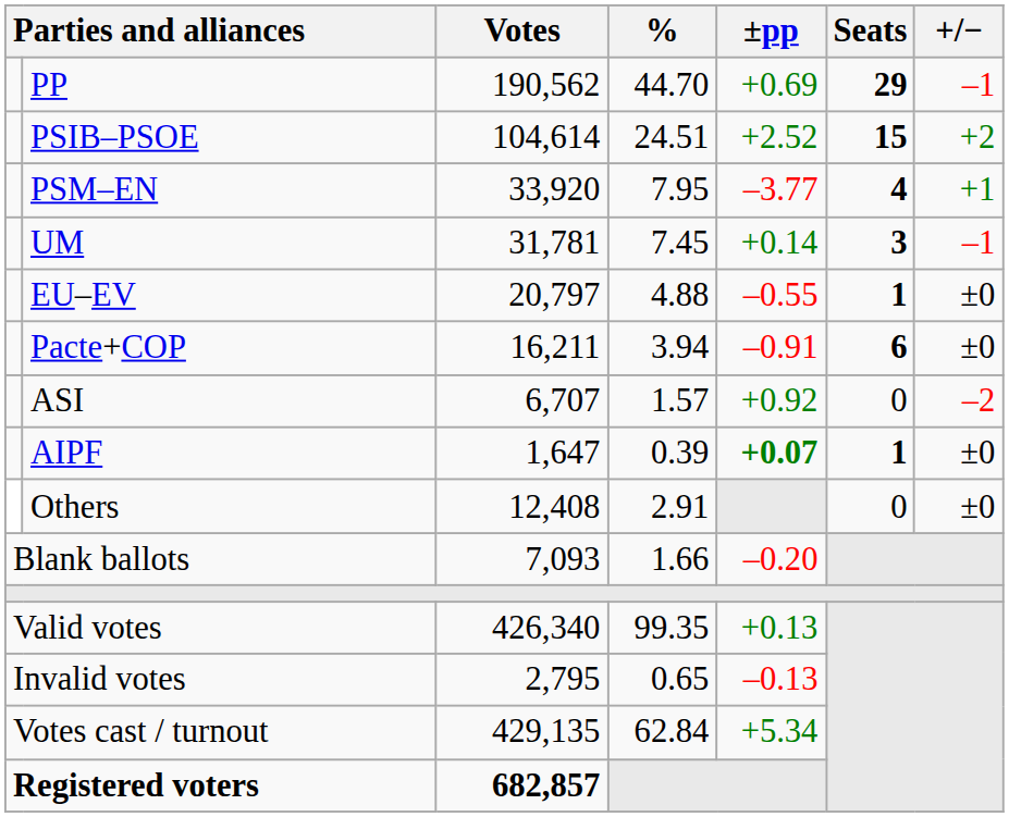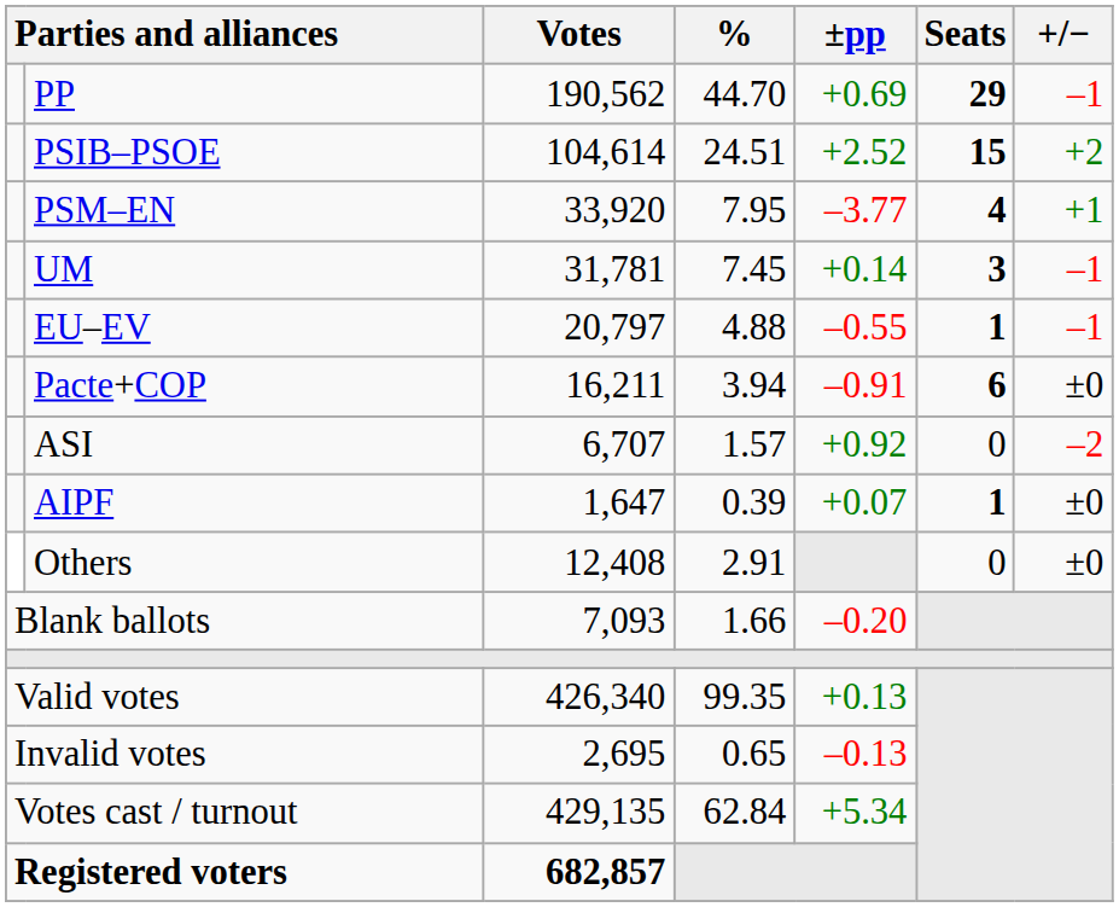 <table class="wikitable" style="text-align:right;">
 <tr>
 <th style="text-align:left;" colspan="2" width="200">Parties and alliances</th>
 <th width="75">Votes</th>
 <th width="45">%</th>
 <th width="45">±<a href='#'>pp</a></th>
 <th width="35">Seats</th>
 <th width="35">+/−</th>
 </tr>
 <tr>
 <td width="1" style="color:inherit;background:"></td>
 <td align="left"><a href='#'>PP</a></td>
 <td>190,562</td>
 <td>44.70</td>
 <td style="color:green;">+0.69</td>
 <td><strong>29</strong></td>
 <td style="color:red;">–1</td>
 </tr>
 <tr>
 <td style="color:inherit;background:"></td>
 <td align="left"><a href='#'>PSIB–PSOE</a></td>
 <td>104,614</td>
 <td>24.51</td>
 <td style="color:green;">+2.52</td>
 <td><strong>15</strong></td>
 <td style="color:green;">+2</td>
 </tr>
 <tr>
 <td style="color:inherit;background:"></td>
 <td align="left"><a href='#'>PSM–EN</a></td>
 <td>33,920</td>
 <td>7.95</td>
 <td style="color:red;">–3.77</td>
 <td><strong>4</strong></td>
 <td style="color:green;">+1</td>
 </tr>
 <tr>
 <td style="color:inherit;background:"></td>
 <td align="left"><a href='#'>UM</a></td>
 <td>31,781</td>
 <td>7.45</td>
 <td style="color:green;">+0.14</td>
 <td><strong>3</strong></td>
 <td style="color:red;">–1</td>
 </tr>
 <tr>
 <td style="color:inherit;background:"></td>
 <td align="left"><a href='#'>EU</a>–<a href='#'>EV</a></td>
 <td>20,797</td>
 <td>4.88</td>
 <td style="color:red;">–0.55</td>
 <td><strong>1</strong></td>
-<td>±0</td>
+<td style="color:red;">–1</td>
 </tr>
 <tr>
 <td style="color:inherit;background:"></td>
 <td align="left"><a href='#'>Pacte</a>+<a href='#'>COP</a></td>
 <td>16,211</td>
 <td>3.94</td>
 <td style="color:red;">–0.91</td>
 <td><strong>6</strong></td>
 <td>±0</td>
 </tr>
 <tr>
 <td style="color:inherit;background:"></td>
 <td align="left">ASI</td>
 <td>6,707</td>
 <td>1.57</td>
 <td style="color:green;">+0.92</td>
 <td>0</td>
 <td style="color:red;">–2</td>
 </tr>
 <tr>
 <td style="color:inherit;background:"></td>
 <td align="left"><a href='#'>AIPF</a></td>
 <td>1,647</td>
 <td>0.39</td>
-<td style="color:green;"><strong>+0.07</strong></td>
+<td style="color:green;">+0.07</td>
 <td><strong>1</strong></td>
 <td>±0</td>
 </tr>
 <tr>
 <td bgcolor="white"></td>
 <td align="left">Others</td>
 <td>12,408</td>
 <td>2.91</td>
 <td bgcolor="#E9E9E9"></td>
 <td>0</td>
 <td>±0</td>
 </tr>
 <tr>
 <td align="left" colspan="2">Blank ballots</td>
 <td>7,093</td>
 <td>1.66</td>
 <td style="color:red;">–0.20</td>
 <td bgcolor="#E9E9E9" colspan="2"></td>
 </tr>
 <tr>
 <td colspan="7" bgcolor="#E9E9E9"></td>
 </tr>
 <tr>
 <td align="left" colspan="2">Valid votes</td>
 <td>426,340</td>
 <td>99.35</td>
 <td style="color:green;">+0.13</td>
 <td bgcolor="#E9E9E9" colspan="2" rowspan="4"></td>
 </tr>
 <tr>
 <td align="left" colspan="2">Invalid votes</td>
-<td>2,795</td>
+<td>2,695</td>
 <td>0.65</td>
 <td style="color:red;">–0.13</td>
 </tr>
 <tr>
 <td align="left" colspan="2">Votes cast / turnout</td>
 <td>429,135</td>
 <td>62.84</td>
 <td style="color:green;">+5.34</td>
 </tr>
 <tr style="font-weight:bold;">
 <td align="left" colspan="2">Registered voters</td>
 <td>682,857</td>
 <td bgcolor="#E9E9E9" colspan="2"></td>
 </tr>
 </table>
